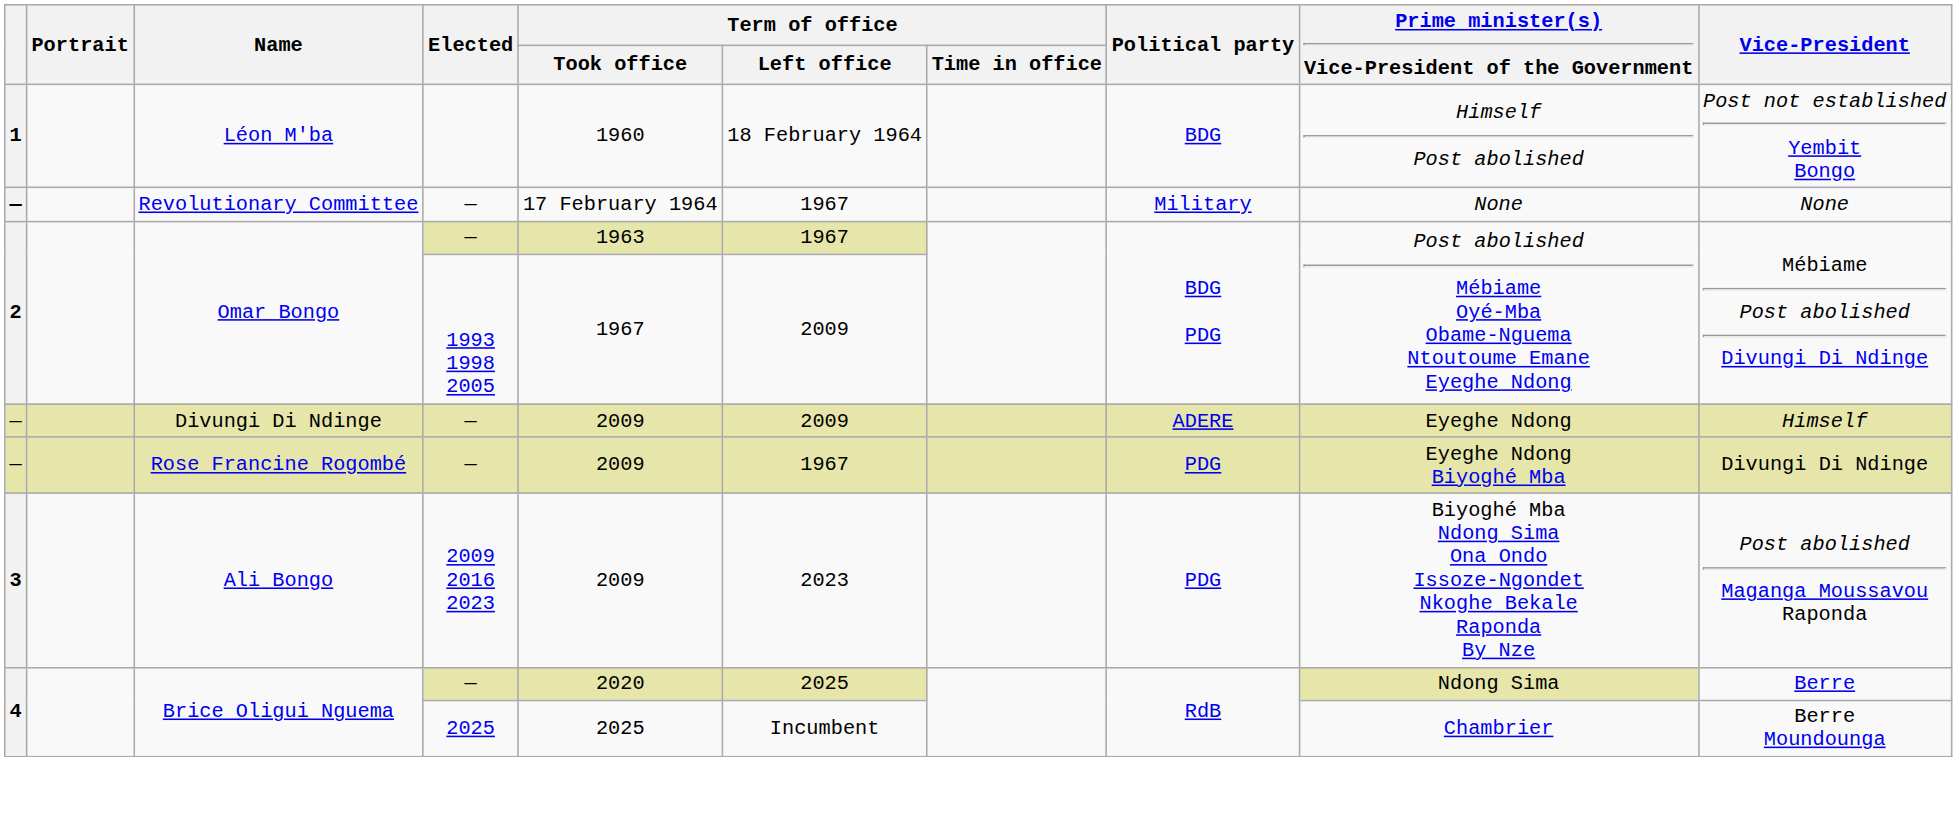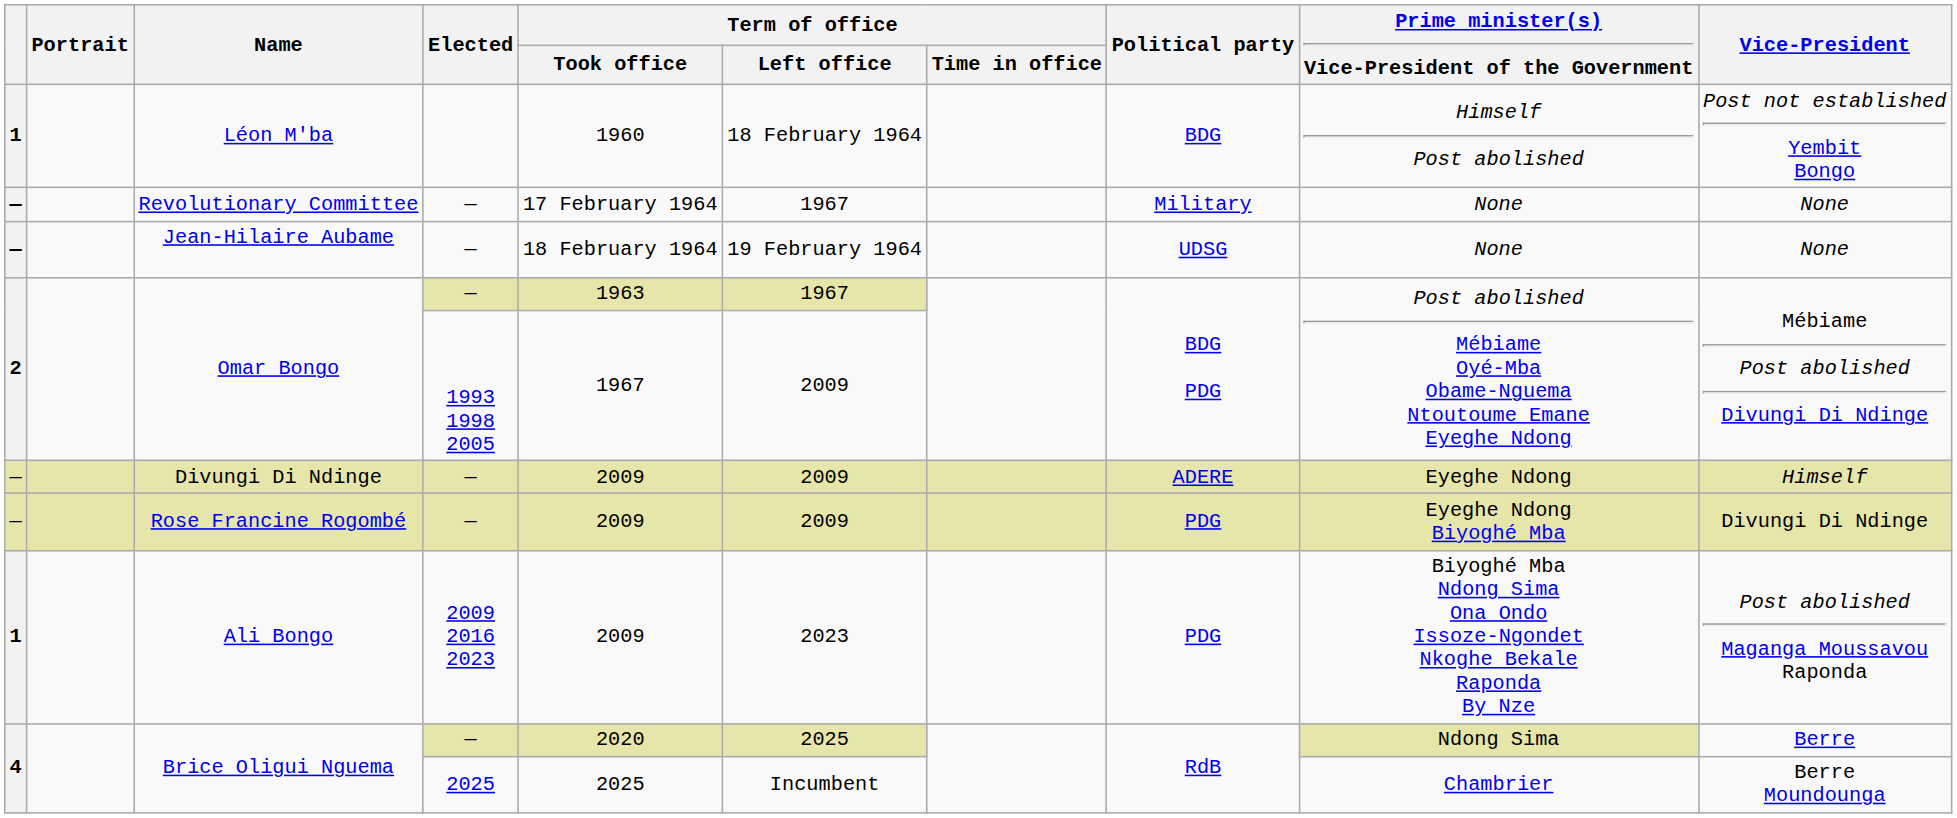 <table class="wikitable" style="text-align:center">
 <tr>
 <th rowspan="2"></th>
 <th rowspan="2">Portrait</th>
 <th rowspan="2">Name<br></th>
 <th rowspan="2">Elected</th>
 <th colspan="3">Term of office</th>
 <th rowspan="2">Political party</th>
 <th rowspan="2"><a href='#'>Prime minister(s)</a><hr>Vice-President of the Government</th>
 <th rowspan="2"><a href='#'>Vice-President</a></th>
 </tr>
 <tr>
 <th>Took office</th>
 <th>Left office</th>
 <th>Time in office</th>
 </tr>
 <tr>
 <th style="background:">1</th>
 <td></td>
 <td><a href='#'>Léon M'ba</a><br></td>
 <td><br></td>
 <td> 1960</td>
 <td>18 February 1964</td>
 <td></td>
 <td><a href='#'>BDG</a></td>
 <td><em>Himself<br></em><hr><em>Post abolished<br></em></td>
 <td><em>Post not established<br></em><hr><a href='#'>Yembit</a><br><a href='#'>Bongo</a></td>
 </tr>
 <tr>
 <th style="background:">—</th>
 <td></td>
 <td><a href='#'>Revolutionary Committee</a><br></td>
 <td>—</td>
 <td>17 February 1964</td>
 <td> 1967</td>
 <td></td>
 <td><a href='#'>Military</a></td>
 <td><em>None</em></td>
 <td><em>None</em></td>
 </tr>
 <tr>
+<th style="background:">—</th>
+<td></td>
+<td><a href='#'>Jean-Hilaire Aubame</a><br><br></td>
+<td>—</td>
+<td>18 February 1964</td>
+<td>19 February 1964</td>
+<td></td>
+<td><a href='#'>UDSG</a></td>
+<td><em>None</em></td>
+<td><em>None</em></td>
+</tr>
+<tr>
 <th rowspan="2" style="background:">2</th>
 <td rowspan="2"></td>
 <td rowspan="2"><a href='#'>Omar Bongo</a><br></td>
 <td style="background:#e6e6aa;">—</td>
 <td style="background:#e6e6aa;"> 1963</td>
 <td style="background:#e6e6aa;"> 1967</td>
 <td rowspan="2"></td>
 <td rowspan="2"><a href='#'>BDG</a><br><br><a href='#'>PDG</a></td>
 <td rowspan="2"><em>Post abolished<br></em><hr><a href='#'>Mébiame</a><br><a href='#'>Oyé-Mba</a><br><a href='#'>Obame-Nguema</a><br><a href='#'>Ntoutoume Emane</a><br><a href='#'>Eyeghe Ndong</a></td>
 <td rowspan="2">Mébiame<hr><em>Post abolished </em><hr><a href='#'>Divungi Di Ndinge</a></td>
 </tr>
 <tr>
 <td><br><br><br><a href='#'>1993</a><br><a href='#'>1998</a><br><a href='#'>2005</a></td>
 <td> 1967</td>
 <td> 2009</td>
 </tr>
 <tr style="background:#e6e6aa;">
 <td style="background:">—</td>
 <td></td>
 <td>Divungi Di Ndinge<br></td>
 <td>—</td>
 <td> 2009</td>
 <td> 2009</td>
 <td></td>
 <td><a href='#'>ADERE</a></td>
 <td>Eyeghe Ndong</td>
 <td><em>Himself</em></td>
 </tr>
 <tr style="background:#e6e6aa;">
 <td style="background:">—</td>
 <td></td>
 <td><a href='#'>Rose Francine Rogombé</a><br></td>
 <td>—</td>
 <td> 2009</td>
-<td> 1967</td>
+<td> 2009</td>
 <td></td>
 <td><a href='#'>PDG</a></td>
 <td>Eyeghe Ndong<br><a href='#'>Biyoghé Mba</a></td>
 <td>Divungi Di Ndinge</td>
 </tr>
 <tr>
-<th style="background:">3</th>
+<th style="background:">1</th>
 <td></td>
 <td><a href='#'>Ali Bongo</a><br></td>
 <td><a href='#'>2009</a><br><a href='#'>2016</a><br><a href='#'>2023</a></td>
 <td> 2009</td>
 <td> 2023<br></td>
 <td></td>
 <td><a href='#'>PDG</a></td>
 <td>Biyoghé Mba<br><a href='#'>Ndong Sima</a><br><a href='#'>Ona Ondo</a><br><a href='#'>Issoze-Ngondet</a><br><a href='#'>Nkoghe Bekale</a><br><a href='#'>Raponda</a><br><a href='#'>By Nze</a></td>
 <td><em>Post abolished<br></em><hr><a href='#'>Maganga Moussavou</a><br>Raponda</td>
 </tr>
 <tr>
 <th rowspan="2" style="background:">4</th>
 <td rowspan="2"></td>
 <td rowspan="2"><a href='#'>Brice Oligui Nguema</a><br></td>
 <td style="background:#e6e6aa;">—</td>
 <td style="background:#e6e6aa;"> 2020</td>
 <td style="background:#e6e6aa;"> 2025</td>
 <td rowspan="2"></td>
 <td rowspan="2"><a href='#'>RdB</a></td>
 <td style="background:#e6e6aa;">Ndong Sima<br></td>
 <td><a href='#'>Berre</a></td>
 </tr>
 <tr>
 <td><a href='#'>2025</a></td>
 <td> 2025</td>
 <td>Incumbent</td>
 <td><a href='#'>Chambrier</a><br></td>
 <td>Berre<br><a href='#'>Moundounga</a></td>
 </tr>
 </table>
